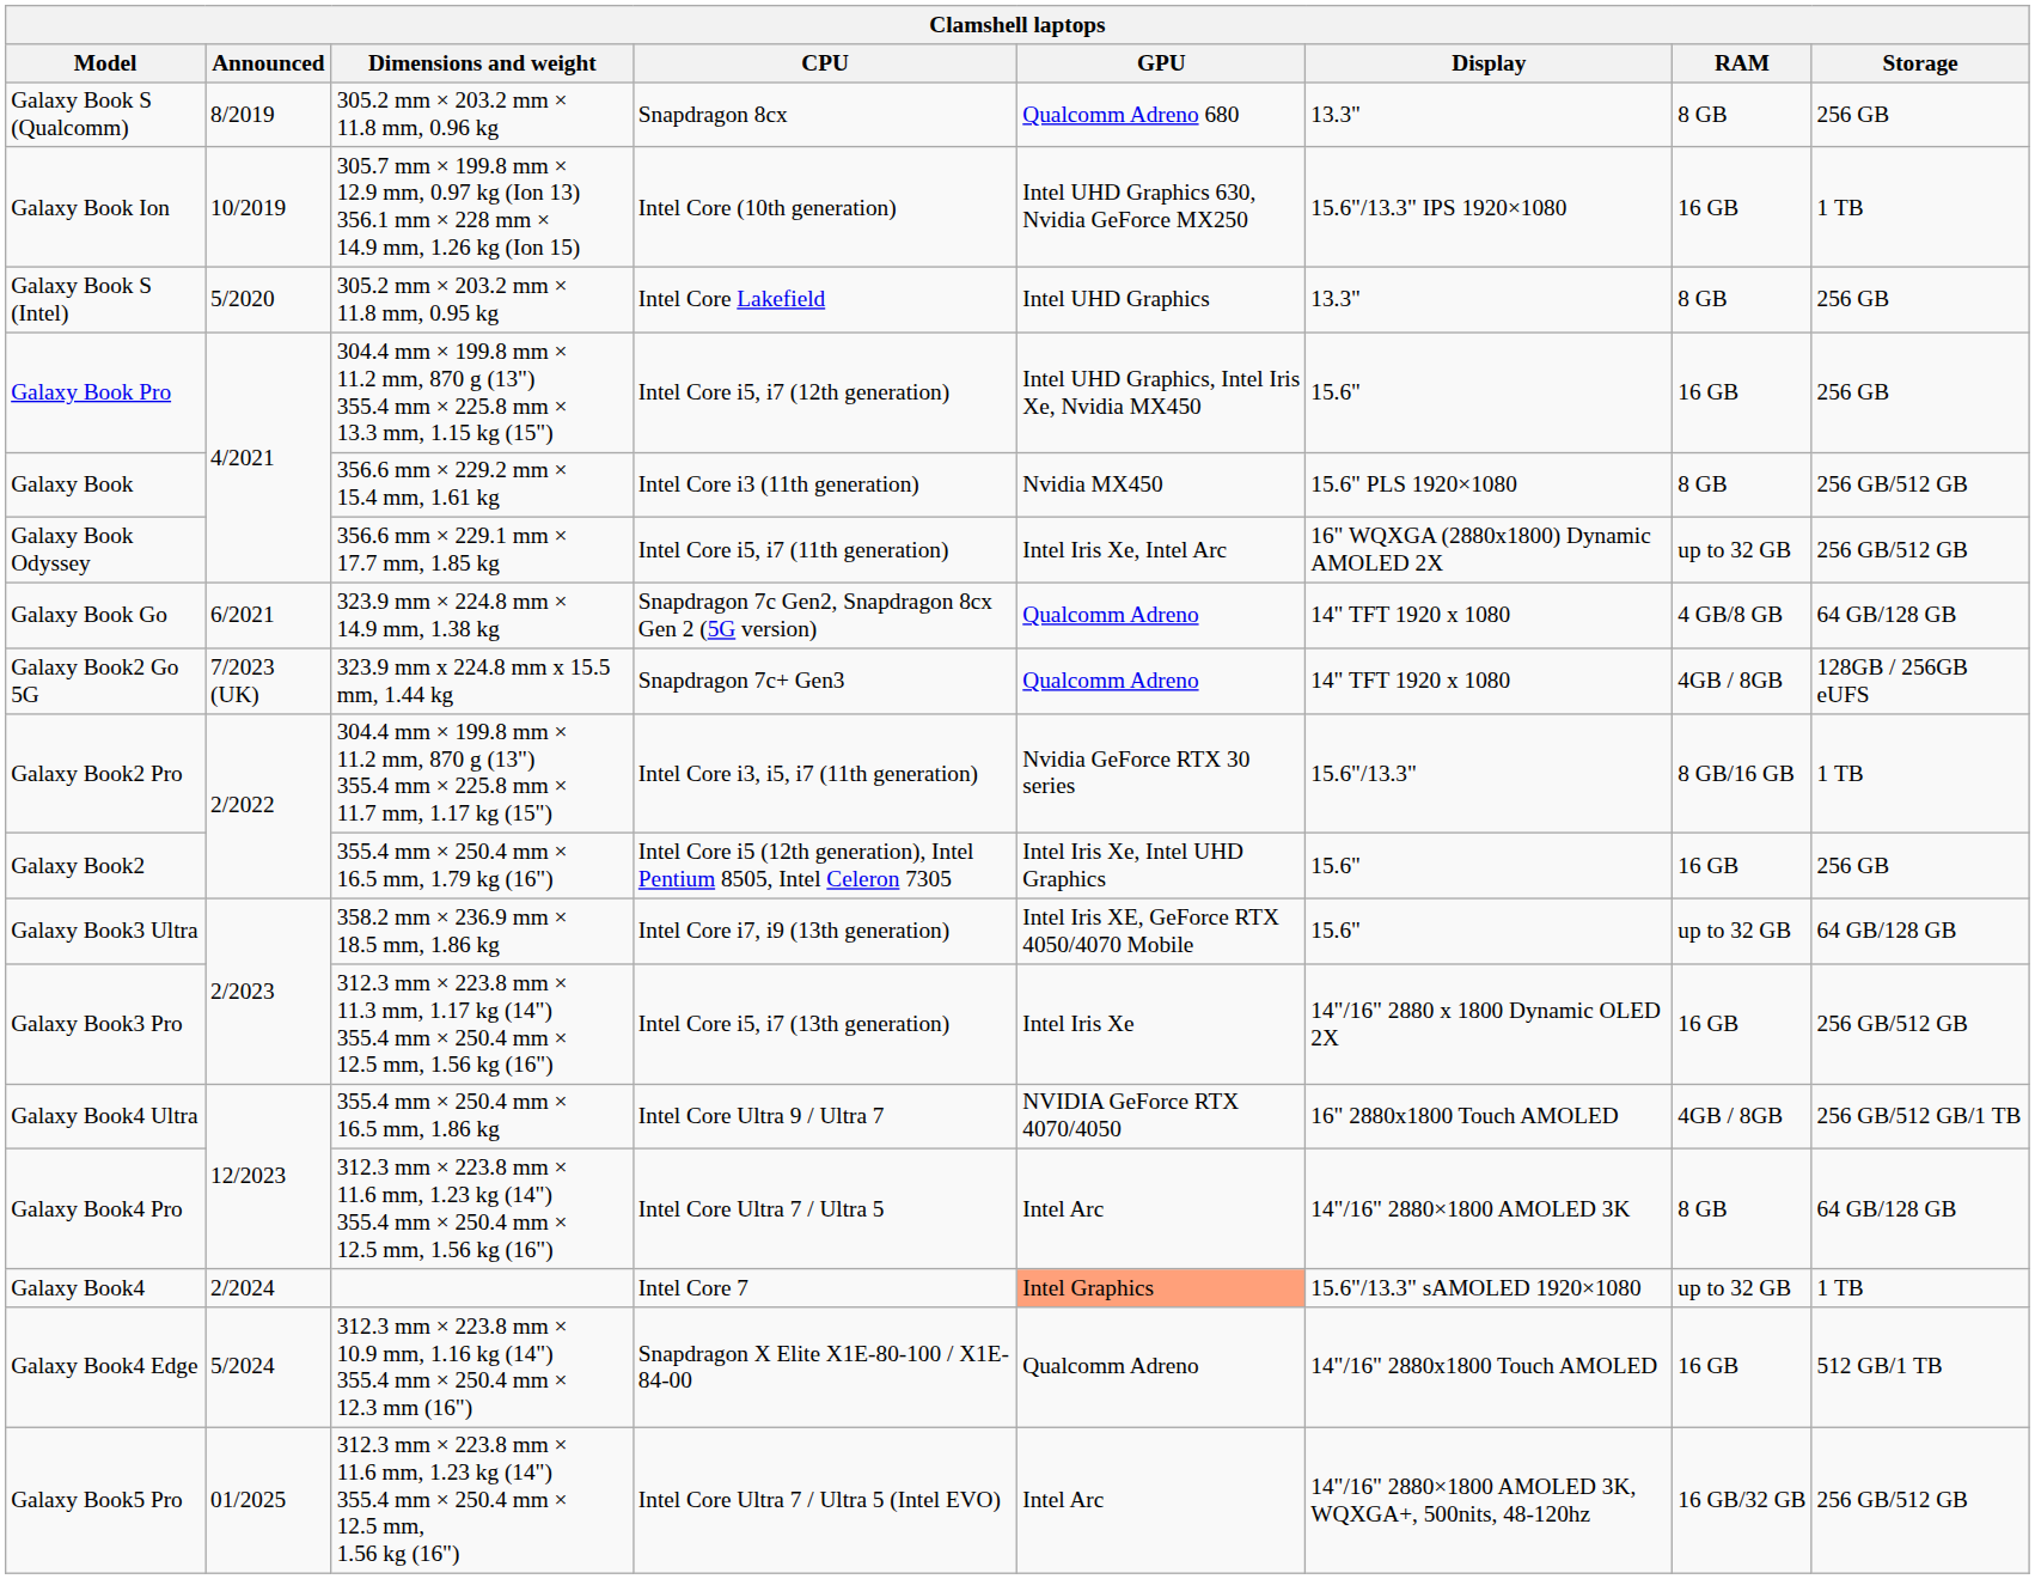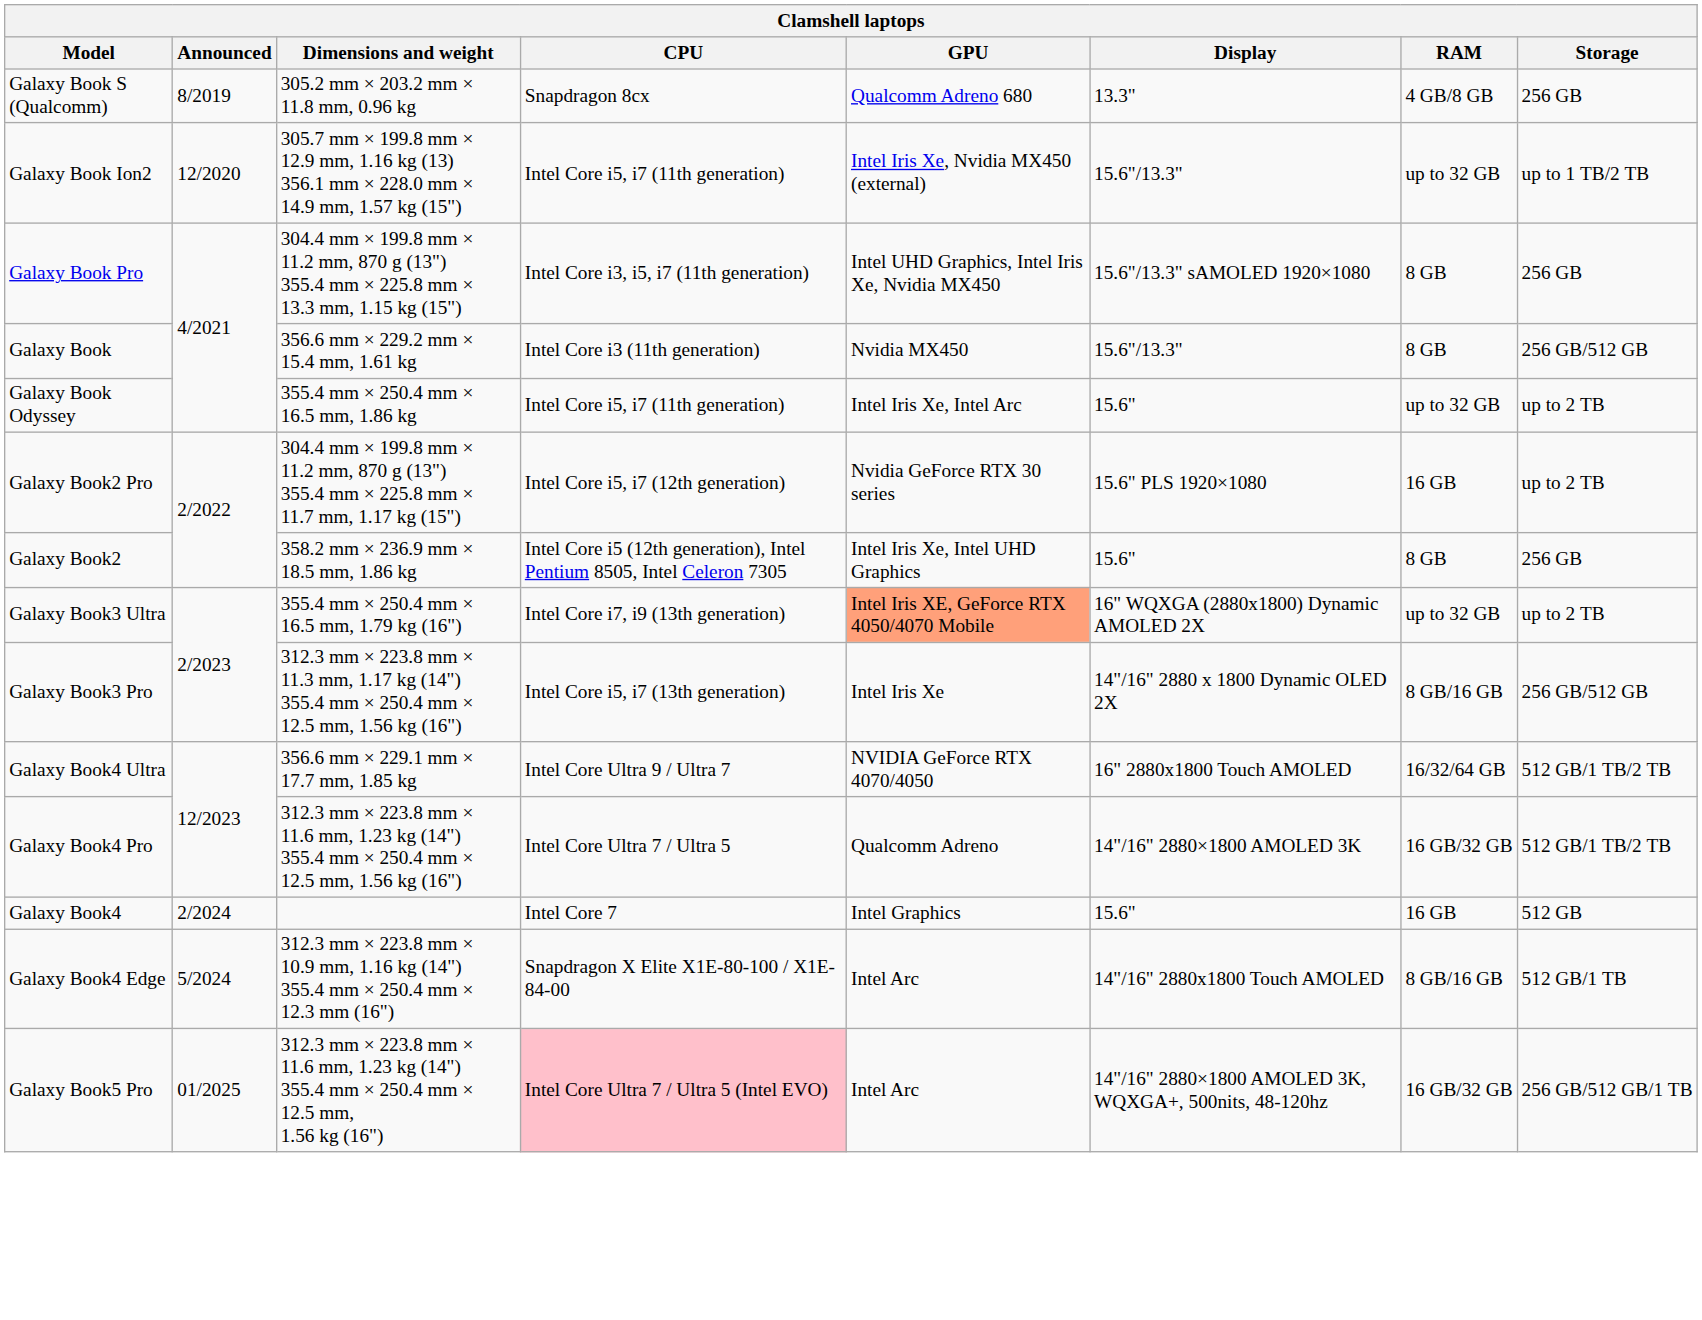 <table class="wikitable mw-collapsible" style="font-size: 90%; width: 100%;">
 <tr>
 <th colspan="8">Clamshell laptops</th>
 </tr>
 <tr>
 <th>Model</th>
 <th>Announced</th>
 <th>Dimensions and weight</th>
 <th>CPU</th>
 <th>GPU</th>
 <th>Display</th>
 <th>RAM</th>
 <th>Storage</th>
 </tr>
 <tr>
 <td>Galaxy Book S (Qualcomm)</td>
 <td>8/2019</td>
 <td>305.2 mm × 203.2 mm × 11.8 mm, 0.96 kg</td>
 <td>Snapdragon 8cx</td>
 <td><a href='#'>Qualcomm Adreno</a> 680</td>
 <td>13.3"</td>
-<td>8 GB</td>
+<td>4 GB/8 GB</td>
 <td>256 GB</td>
 </tr>
 <tr>
-<td>Galaxy Book Ion</td>
-<td>10/2019</td>
-<td>305.7 mm × 199.8 mm × 12.9 mm, 0.97 kg (Ion 13)<br>356.1 mm × 228 mm × 14.9 mm, 1.26 kg (Ion 15)</td>
-<td>Intel Core (10th generation)</td>
-<td>Intel UHD Graphics 630, Nvidia GeForce MX250</td>
-<td>15.6"/13.3" IPS 1920×1080</td>
-<td>16 GB</td>
-<td>1 TB</td>
-</tr>
-<tr>
-<td>Galaxy Book S (Intel)</td>
-<td>5/2020</td>
-<td>305.2 mm × 203.2 mm × 11.8 mm, 0.95 kg</td>
-<td>Intel Core <a href='#'>Lakefield</a></td>
-<td>Intel UHD Graphics</td>
-<td>13.3"</td>
-<td>8 GB</td>
-<td>256 GB</td>
+<td>Galaxy Book Ion2</td>
+<td>12/2020</td>
+<td>305.7 mm × 199.8 mm × 12.9 mm, 1.16 kg (13)<br>356.1 mm × 228.0 mm × 14.9 mm, 1.57 kg (15")</td>
+<td>Intel Core i5, i7 (11th generation)</td>
+<td><a href='#'>Intel Iris Xe</a>, Nvidia MX450 (external)</td>
+<td>15.6"/13.3"</td>
+<td>up to 32 GB</td>
+<td>up to 1 TB/2 TB</td>
 </tr>
 <tr>
 <td><a href='#'>Galaxy Book Pro</a></td>
 <td rowspan="3">4/2021</td>
 <td>304.4 mm × 199.8 mm × 11.2 mm, 870 g (13")<br>355.4 mm × 225.8 mm × 13.3 mm, 1.15 kg (15")</td>
-<td>Intel Core i5, i7 (12th generation)</td>
+<td>Intel Core i3, i5, i7 (11th generation)</td>
 <td>Intel UHD Graphics, Intel Iris Xe, Nvidia MX450</td>
-<td>15.6"</td>
-<td>16 GB</td>
+<td>15.6"/13.3" sAMOLED 1920×1080</td>
+<td>8 GB</td>
 <td>256 GB</td>
 </tr>
 <tr>
 <td>Galaxy Book</td>
 <td>356.6 mm × 229.2 mm × 15.4 mm, 1.61 kg</td>
 <td>Intel Core i3 (11th generation)</td>
 <td>Nvidia MX450</td>
-<td>15.6" PLS 1920×1080</td>
+<td>15.6"/13.3"</td>
 <td>8 GB</td>
 <td>256 GB/512 GB</td>
 </tr>
 <tr>
 <td>Galaxy Book Odyssey</td>
-<td>356.6 mm × 229.1 mm × 17.7 mm, 1.85 kg</td>
+<td>355.4 mm × 250.4 mm × 16.5 mm, 1.86 kg</td>
 <td>Intel Core i5, i7 (11th generation)</td>
 <td>Intel Iris Xe, Intel Arc</td>
-<td>16" WQXGA (2880x1800) Dynamic AMOLED 2X</td>
+<td>15.6"</td>
 <td>up to 32 GB</td>
-<td>256 GB/512 GB</td>
-</tr>
-<tr>
-<td>Galaxy Book Go</td>
-<td>6/2021</td>
-<td>323.9 mm × 224.8 mm × 14.9 mm, 1.38 kg</td>
-<td>Snapdragon 7c Gen2, Snapdragon 8cx Gen 2 (<a href='#'>5G</a> version)</td>
-<td><a href='#'>Qualcomm Adreno</a></td>
-<td>14" TFT 1920 x 1080</td>
-<td>4 GB/8 GB</td>
-<td>64 GB/128 GB</td>
-</tr>
-<tr>
-<td>Galaxy Book2 Go 5G</td>
-<td>7/2023 (UK)</td>
-<td>323.9 mm x 224.8 mm x 15.5 mm, 1.44 kg</td>
-<td>Snapdragon 7c+ Gen3</td>
-<td><a href='#'>Qualcomm Adreno</a></td>
-<td>14" TFT 1920 x 1080</td>
-<td>4GB / 8GB</td>
-<td>128GB / 256GB eUFS</td>
+<td>up to 2 TB</td>
 </tr>
 <tr>
 <td>Galaxy Book2 Pro</td>
 <td rowspan="2">2/2022</td>
 <td>304.4 mm × 199.8 mm × 11.2 mm, 870 g (13")<br>355.4 mm × 225.8 mm × 11.7 mm, 1.17 kg (15")</td>
-<td>Intel Core i3, i5, i7 (11th generation)</td>
+<td>Intel Core i5, i7 (12th generation)</td>
 <td>Nvidia GeForce RTX 30 series</td>
-<td>15.6"/13.3"</td>
-<td>8 GB/16 GB</td>
-<td>1 TB</td>
+<td>15.6" PLS 1920×1080</td>
+<td>16 GB</td>
+<td>up to 2 TB</td>
 </tr>
 <tr>
 <td>Galaxy Book2</td>
-<td>355.4 mm × 250.4 mm × 16.5 mm, 1.79 kg (16")</td>
+<td>358.2 mm × 236.9 mm × 18.5 mm, 1.86 kg</td>
 <td>Intel Core i5 (12th generation), Intel <a href='#'>Pentium</a> 8505, Intel <a href='#'>Celeron</a> 7305</td>
 <td>Intel Iris Xe, Intel UHD Graphics</td>
 <td>15.6"</td>
-<td>16 GB</td>
+<td>8 GB</td>
 <td>256 GB</td>
 </tr>
 <tr>
 <td>Galaxy Book3 Ultra</td>
 <td rowspan="2">2/2023</td>
-<td>358.2 mm × 236.9 mm × 18.5 mm, 1.86 kg</td>
+<td>355.4 mm × 250.4 mm × 16.5 mm, 1.79 kg (16")</td>
 <td>Intel Core i7, i9 (13th generation)</td>
-<td>Intel Iris XE, GeForce RTX 4050/4070 Mobile</td>
-<td>15.6"</td>
+<td style="background: lightsalmon;">Intel Iris XE, GeForce RTX 4050/4070 Mobile</td>
+<td>16" WQXGA (2880x1800) Dynamic AMOLED 2X</td>
 <td>up to 32 GB</td>
-<td>64 GB/128 GB</td>
+<td>up to 2 TB</td>
 </tr>
 <tr>
 <td>Galaxy Book3 Pro</td>
 <td>312.3 mm × 223.8 mm × 11.3 mm, 1.17 kg (14")<br>355.4 mm × 250.4 mm × 12.5 mm, 1.56 kg (16")</td>
 <td>Intel Core i5, i7 (13th generation)</td>
 <td>Intel Iris Xe</td>
 <td>14"/16" 2880 x 1800 Dynamic OLED 2X</td>
-<td>16 GB</td>
+<td>8 GB/16 GB</td>
 <td>256 GB/512 GB</td>
 </tr>
 <tr>
 <td>Galaxy Book4 Ultra</td>
 <td rowspan="2">12/2023</td>
-<td>355.4 mm × 250.4 mm × 16.5 mm, 1.86 kg</td>
+<td>356.6 mm × 229.1 mm × 17.7 mm, 1.85 kg</td>
 <td>Intel Core Ultra 9 / Ultra 7</td>
 <td>NVIDIA GeForce RTX 4070/4050</td>
 <td>16" 2880x1800 Touch AMOLED</td>
-<td>4GB / 8GB</td>
-<td>256 GB/512 GB/1 TB</td>
+<td>16/32/64 GB</td>
+<td>512 GB/1 TB/2 TB</td>
 </tr>
 <tr>
 <td>Galaxy Book4 Pro</td>
 <td>312.3 mm × 223.8 mm × 11.6 mm, 1.23 kg (14")<br>355.4 mm × 250.4 mm × 12.5 mm, 1.56 kg (16")</td>
 <td>Intel Core Ultra 7 / Ultra 5</td>
-<td>Intel Arc</td>
+<td>Qualcomm Adreno</td>
 <td>14"/16" 2880×1800 AMOLED 3K</td>
-<td>8 GB</td>
-<td>64 GB/128 GB</td>
+<td>16 GB/32 GB</td>
+<td>512 GB/1 TB/2 TB</td>
 </tr>
 <tr>
 <td>Galaxy Book4</td>
 <td>2/2024</td>
 <td></td>
 <td>Intel Core 7</td>
-<td style="background: lightsalmon;">Intel Graphics</td>
-<td>15.6"/13.3" sAMOLED 1920×1080</td>
-<td>up to 32 GB</td>
-<td>1 TB</td>
+<td>Intel Graphics</td>
+<td>15.6"</td>
+<td>16 GB</td>
+<td>512 GB</td>
 </tr>
 <tr>
 <td>Galaxy Book4 Edge</td>
 <td>5/2024</td>
 <td>312.3 mm × 223.8 mm × 10.9 mm, 1.16 kg (14")<br>355.4 mm × 250.4 mm × 12.3 mm (16")</td>
 <td>Snapdragon X Elite X1E-80-100 / X1E-84-00</td>
-<td>Qualcomm Adreno</td>
+<td>Intel Arc</td>
 <td>14"/16" 2880x1800 Touch AMOLED</td>
-<td>16 GB</td>
+<td>8 GB/16 GB</td>
 <td>512 GB/1 TB</td>
 </tr>
 <tr>
 <td>Galaxy Book5 Pro</td>
 <td>01/2025</td>
 <td>312.3 mm × 223.8 mm × 11.6 mm, 1.23 kg (14")<br>355.4 mm × 250.4 mm × 12.5 mm,<br>1.56 kg (16")</td>
-<td>Intel Core Ultra 7 / Ultra 5 (Intel EVO)</td>
+<td style="background: pink;">Intel Core Ultra 7 / Ultra 5 (Intel EVO)</td>
 <td>Intel Arc</td>
 <td>14"/16" 2880×1800 AMOLED 3K, WQXGA+, 500nits, 48-120hz</td>
 <td>16 GB/32 GB</td>
-<td>256 GB/512 GB</td>
+<td>256 GB/512 GB/1 TB</td>
 </tr>
 </table>
